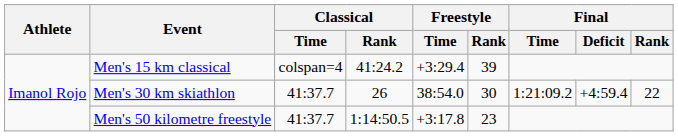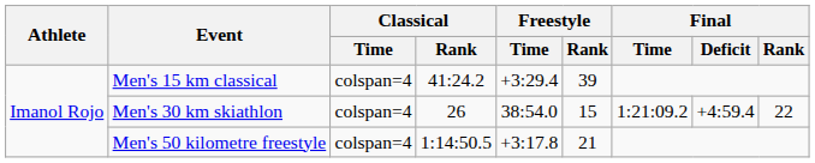 <table class="wikitable" style="font-size:90%">
 <tr>
 <th rowspan=2>Athlete</th>
 <th rowspan=2>Event</th>
 <th colspan=2>Classical</th>
 <th colspan=2>Freestyle</th>
 <th colspan=3>Final</th>
 </tr>
 <tr style="font-size: 95%">
 <th>Time</th>
 <th>Rank</th>
 <th>Time</th>
 <th>Rank</th>
 <th>Time</th>
 <th>Deficit</th>
 <th>Rank</th>
 </tr>
 <tr align=center>
 <td align=left rowspan=3><a href='#'>Imanol Rojo</a></td>
 <td align=left><a href='#'>Men's 15 km classical</a></td>
 <td>colspan=4 </td>
 <td>41:24.2</td>
 <td>+3:29.4</td>
 <td>39</td>
 </tr>
 <tr align=center>
 <td align=left><a href='#'>Men's 30 km skiathlon</a></td>
-<td>41:37.7</td>
+<td>colspan=4 </td>
 <td>26</td>
 <td>38:54.0</td>
-<td>30</td>
+<td>15</td>
 <td>1:21:09.2</td>
 <td>+4:59.4</td>
 <td>22</td>
 </tr>
 <tr align=center>
 <td align=left><a href='#'>Men's 50 kilometre freestyle</a></td>
-<td>41:37.7</td>
+<td>colspan=4 </td>
 <td>1:14:50.5</td>
 <td>+3:17.8</td>
-<td>23</td>
+<td>21</td>
 </tr>
 </table>
